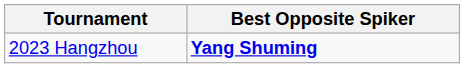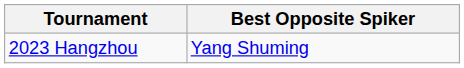 <table class=wikitable style="width: 400px;">
 <tr>
 <th style="width: 40%;">Tournament</th>
 <th style="width: 60%;">Best Opposite Spiker</th>
 </tr>
 <tr>
 <td><a href='#'>2023 Hangzhou</a></td>
-<td><strong> <a href='#'>Yang Shuming</a></strong></td>
+<td> <a href='#'>Yang Shuming</a></td>
 </tr>
 </table>
